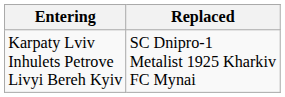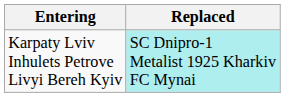 <table class="wikitable">
 <tr>
 <th>Entering</th>
 <th>Replaced</th>
 </tr>
 <tr>
 <td>Karpaty Lviv<br>Inhulets Petrove<br>Livyi Bereh Kyiv</td>
-<td>SC Dnipro-1<br>Metalist 1925 Kharkiv<br>FC Mynai</td>
+<td style="background: paleturquoise;">SC Dnipro-1<br>Metalist 1925 Kharkiv<br>FC Mynai</td>
 </tr>
 </table>
